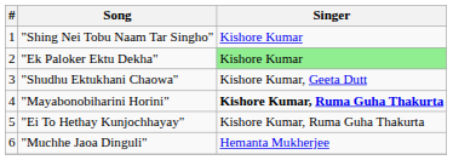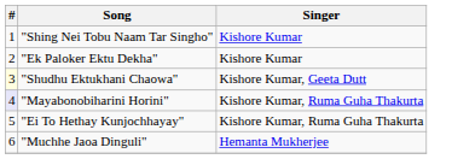 <table class="wikitable">
 <tr>
 <th>#</th>
 <th>Song</th>
 <th>Singer</th>
 </tr>
 <tr>
 <td>1</td>
 <td>"Shing Nei Tobu Naam Tar Singho"</td>
 <td><a href='#'>Kishore Kumar</a></td>
 </tr>
 <tr>
 <td>2</td>
 <td>"Ek Paloker Ektu Dekha"</td>
-<td style="background: lightgreen;">Kishore Kumar</td>
+<td>Kishore Kumar</td>
 </tr>
 <tr>
-<td>3</td>
+<td style="background: lightyellow;">3</td>
 <td>"Shudhu Ektukhani Chaowa"</td>
 <td>Kishore Kumar, <a href='#'>Geeta Dutt</a></td>
 </tr>
 <tr>
-<td>4</td>
+<td style="background: lavender;">4</td>
 <td>"Mayabonobiharini Horini"</td>
-<td><strong>Kishore Kumar, <a href='#'>Ruma Guha Thakurta</a></strong></td>
+<td>Kishore Kumar, <a href='#'>Ruma Guha Thakurta</a></td>
 </tr>
 <tr>
 <td>5</td>
 <td>"Ei To Hethay Kunjochhayay"</td>
 <td>Kishore Kumar, Ruma Guha Thakurta</td>
 </tr>
 <tr>
 <td>6</td>
 <td>"Muchhe Jaoa Dinguli"</td>
 <td><a href='#'>Hemanta Mukherjee</a></td>
 </tr>
 <tr>
 </tr>
 </table>
